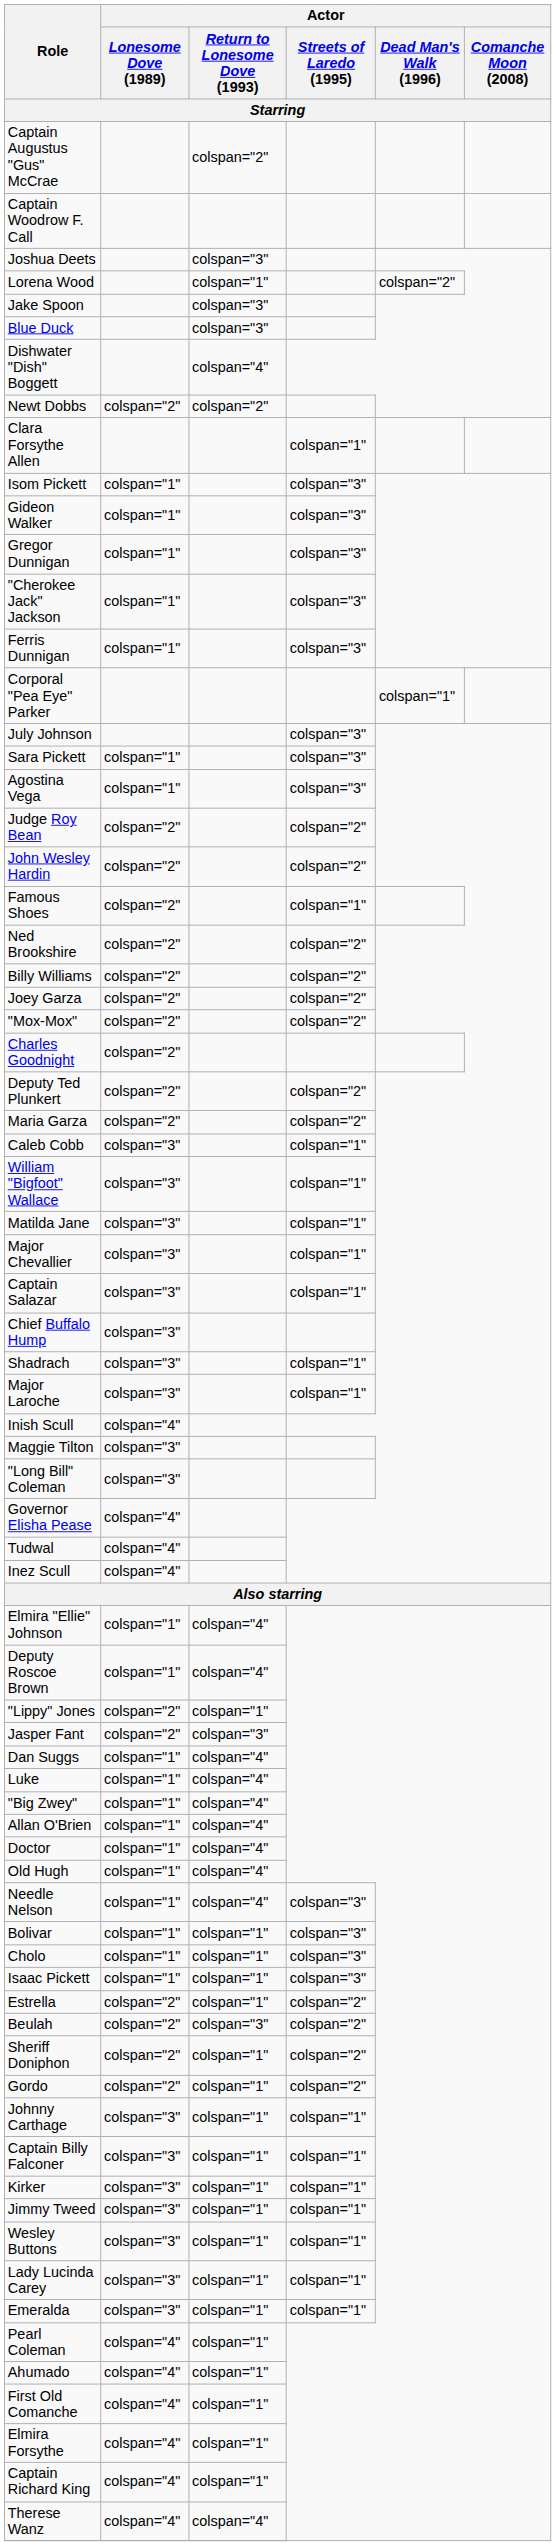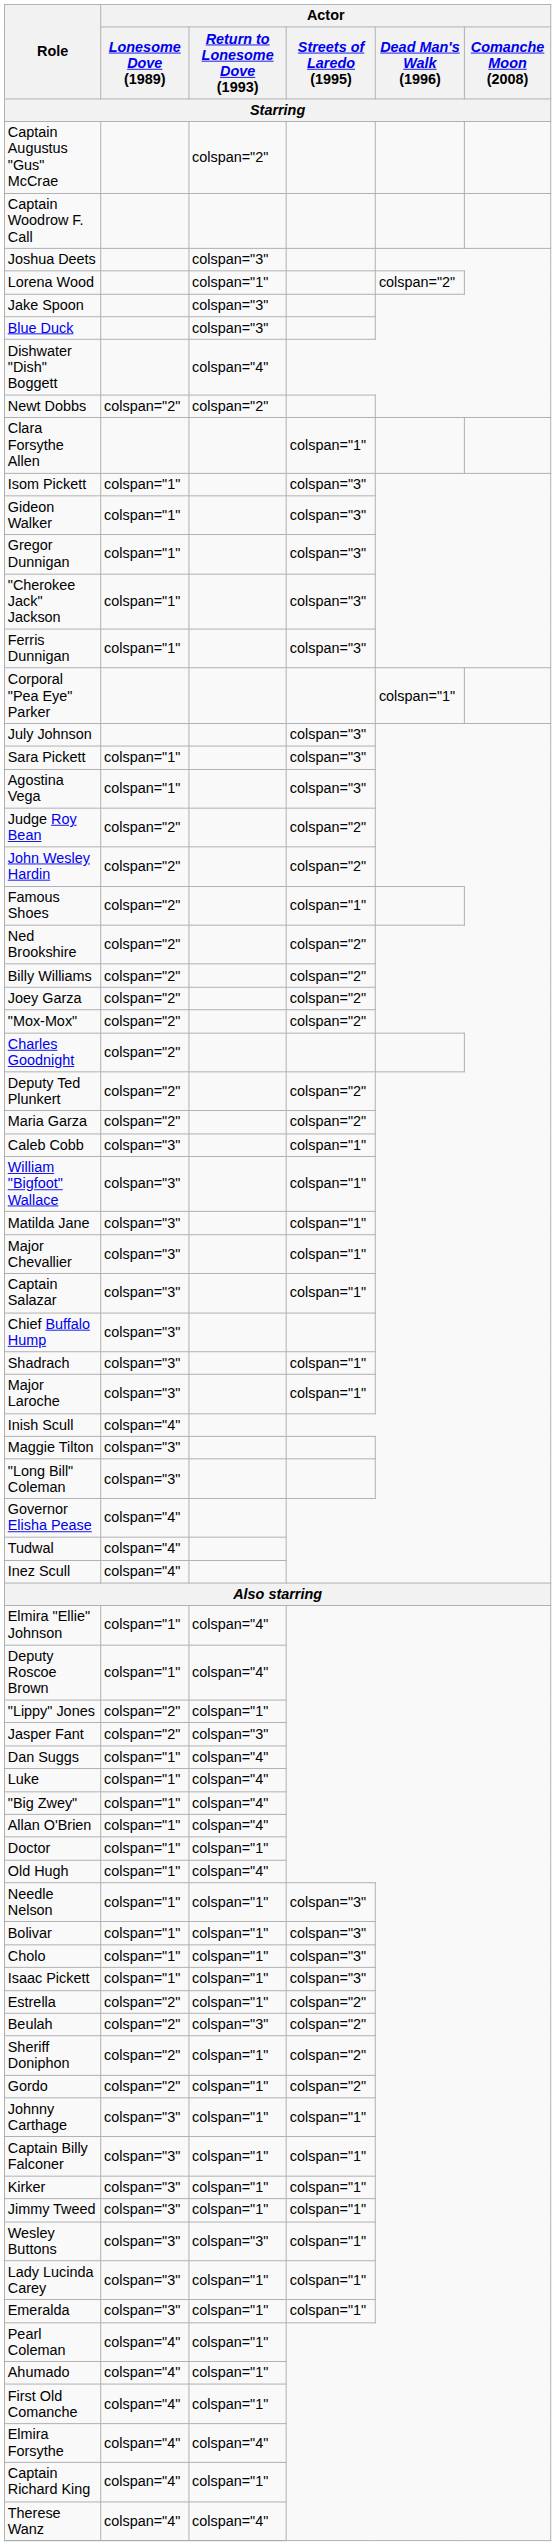 <table class="wikitable">
 <tr>
 <th rowspan="2">Role</th>
 <th colspan="5">Actor</th>
 </tr>
 <tr>
 <th><em><a href='#'>Lonesome Dove</a></em> <br>(1989)</th>
 <th><em><a href='#'>Return to Lonesome Dove</a></em> <br>(1993)</th>
 <th><em><a href='#'>Streets of Laredo</a></em> <br>(1995)</th>
 <th><em><a href='#'>Dead Man's Walk</a></em> <br>(1996)</th>
 <th><em><a href='#'>Comanche Moon</a></em> <br>(2008)</th>
 </tr>
 <tr>
 <th colspan="7"><em>Starring</em></th>
 </tr>
 <tr>
 <td>Captain Augustus "Gus" McCrae</td>
 <td></td>
 <td>colspan="2" </td>
 <td></td>
 <td></td>
 </tr>
 <tr>
 <td>Captain Woodrow F. Call</td>
 <td></td>
 <td></td>
 <td></td>
 <td></td>
 <td></td>
 </tr>
 <tr>
 <td>Joshua Deets</td>
 <td></td>
 <td>colspan="3" </td>
 <td></td>
 </tr>
 <tr>
 <td>Lorena Wood</td>
 <td></td>
 <td>colspan="1" </td>
 <td></td>
 <td>colspan="2" </td>
 </tr>
 <tr>
 <td>Jake Spoon</td>
 <td></td>
 <td>colspan="3" </td>
 <td></td>
 </tr>
 <tr>
 <td><a href='#'>Blue Duck</a></td>
 <td></td>
 <td>colspan="3" </td>
 <td></td>
 </tr>
 <tr>
 <td>Dishwater "Dish" Boggett</td>
 <td></td>
 <td>colspan="4" </td>
 </tr>
 <tr>
 <td>Newt Dobbs</td>
 <td>colspan="2" </td>
 <td>colspan="2" </td>
 <td></td>
 </tr>
 <tr>
 <td>Clara Forsythe Allen</td>
 <td></td>
 <td></td>
 <td>colspan="1" </td>
 <td></td>
 <td></td>
 </tr>
 <tr>
 <td>Isom Pickett</td>
 <td>colspan="1" </td>
 <td></td>
 <td>colspan="3" </td>
 </tr>
 <tr>
 <td>Gideon Walker</td>
 <td>colspan="1" </td>
 <td></td>
 <td>colspan="3" </td>
 </tr>
 <tr>
 <td>Gregor Dunnigan</td>
 <td>colspan="1" </td>
 <td></td>
 <td>colspan="3" </td>
 </tr>
 <tr>
 <td>"Cherokee Jack" Jackson</td>
 <td>colspan="1" </td>
 <td></td>
 <td>colspan="3" </td>
 </tr>
 <tr>
 <td>Ferris Dunnigan</td>
 <td>colspan="1" </td>
 <td></td>
 <td>colspan="3" </td>
 </tr>
 <tr>
 <td>Corporal "Pea Eye" Parker</td>
 <td></td>
 <td></td>
 <td></td>
 <td>colspan="1" </td>
 <td></td>
 </tr>
 <tr>
 <td>July Johnson</td>
 <td></td>
 <td></td>
 <td>colspan="3" </td>
 </tr>
 <tr>
 <td>Sara Pickett</td>
 <td>colspan="1" </td>
 <td></td>
 <td>colspan="3" </td>
 </tr>
 <tr>
 <td>Agostina Vega</td>
 <td>colspan="1" </td>
 <td></td>
 <td>colspan="3" </td>
 </tr>
 <tr>
 <td>Judge <a href='#'>Roy Bean</a></td>
 <td>colspan="2" </td>
 <td></td>
 <td>colspan="2" </td>
 </tr>
 <tr>
 <td><a href='#'>John Wesley Hardin</a></td>
 <td>colspan="2" </td>
 <td></td>
 <td>colspan="2" </td>
 </tr>
 <tr>
 <td>Famous Shoes</td>
 <td>colspan="2" </td>
 <td></td>
 <td>colspan="1" </td>
 <td></td>
 </tr>
 <tr>
 <td>Ned Brookshire</td>
 <td>colspan="2" </td>
 <td></td>
 <td>colspan="2" </td>
 </tr>
 <tr>
 <td>Billy Williams</td>
 <td>colspan="2" </td>
 <td></td>
 <td>colspan="2" </td>
 </tr>
 <tr>
 <td>Joey Garza</td>
 <td>colspan="2" </td>
 <td></td>
 <td>colspan="2" </td>
 </tr>
 <tr>
 <td>"Mox-Mox"</td>
 <td>colspan="2" </td>
 <td></td>
 <td>colspan="2" </td>
 </tr>
 <tr>
 <td><a href='#'>Charles Goodnight</a></td>
 <td>colspan="2" </td>
 <td></td>
 <td></td>
 <td></td>
 </tr>
 <tr>
 <td>Deputy Ted Plunkert</td>
 <td>colspan="2" </td>
 <td></td>
 <td>colspan="2" </td>
 </tr>
 <tr>
 <td>Maria Garza</td>
 <td>colspan="2" </td>
 <td></td>
 <td>colspan="2" </td>
 </tr>
 <tr>
 <td>Caleb Cobb</td>
 <td>colspan="3" </td>
 <td></td>
 <td>colspan="1" </td>
 </tr>
 <tr>
 <td><a href='#'>William "Bigfoot" Wallace</a></td>
 <td>colspan="3" </td>
 <td></td>
 <td>colspan="1" </td>
 </tr>
 <tr>
 <td>Matilda Jane</td>
 <td>colspan="3" </td>
 <td></td>
 <td>colspan="1" </td>
 </tr>
 <tr>
 <td>Major Chevallier</td>
 <td>colspan="3" </td>
 <td></td>
 <td>colspan="1" </td>
 </tr>
 <tr>
 <td>Captain Salazar</td>
 <td>colspan="3" </td>
 <td></td>
 <td>colspan="1" </td>
 </tr>
 <tr>
 <td>Chief <a href='#'>Buffalo Hump</a></td>
 <td>colspan="3" </td>
 <td></td>
 <td></td>
 </tr>
 <tr>
 <td>Shadrach</td>
 <td>colspan="3" </td>
 <td></td>
 <td>colspan="1" </td>
 </tr>
 <tr>
 <td>Major Laroche</td>
 <td>colspan="3" </td>
 <td></td>
 <td>colspan="1" </td>
 </tr>
 <tr>
 <td>Inish Scull</td>
 <td>colspan="4" </td>
 <td></td>
 </tr>
 <tr>
 <td>Maggie Tilton</td>
 <td>colspan="3" </td>
 <td></td>
 <td></td>
 </tr>
 <tr>
 <td>"Long Bill" Coleman</td>
 <td>colspan="3" </td>
 <td></td>
 <td></td>
 </tr>
 <tr>
 <td>Governor <a href='#'>Elisha Pease</a></td>
 <td>colspan="4" </td>
 <td></td>
 </tr>
 <tr>
 <td>Tudwal</td>
 <td>colspan="4" </td>
 <td></td>
 </tr>
 <tr>
 <td>Inez Scull</td>
 <td>colspan="4" </td>
 <td></td>
 </tr>
 <tr>
 <th colspan="7"><em>Also starring</em></th>
 </tr>
 <tr>
 <td>Elmira "Ellie" Johnson</td>
 <td>colspan="1" </td>
 <td>colspan="4" </td>
 </tr>
 <tr>
 <td>Deputy Roscoe Brown</td>
 <td>colspan="1" </td>
 <td>colspan="4" </td>
 </tr>
 <tr>
 <td>"Lippy" Jones</td>
 <td>colspan="2" </td>
 <td>colspan="1" </td>
 </tr>
 <tr>
 <td>Jasper Fant</td>
 <td>colspan="2" </td>
 <td>colspan="3" </td>
 </tr>
 <tr>
 <td>Dan Suggs</td>
 <td>colspan="1" </td>
 <td>colspan="4" </td>
 </tr>
 <tr>
 <td>Luke</td>
 <td>colspan="1" </td>
 <td>colspan="4" </td>
 </tr>
 <tr>
 <td>"Big Zwey"</td>
 <td>colspan="1" </td>
 <td>colspan="4" </td>
 </tr>
 <tr>
 <td>Allan O'Brien</td>
 <td>colspan="1" </td>
 <td>colspan="4" </td>
 </tr>
 <tr>
 <td>Doctor</td>
 <td>colspan="1" </td>
-<td>colspan="4" </td>
+<td>colspan="1" </td>
 </tr>
 <tr>
 <td>Old Hugh</td>
 <td>colspan="1" </td>
 <td>colspan="4" </td>
 </tr>
 <tr>
 <td>Needle Nelson</td>
 <td>colspan="1" </td>
-<td>colspan="4" </td>
+<td>colspan="1" </td>
 <td>colspan="3" </td>
 </tr>
 <tr>
 <td>Bolivar</td>
 <td>colspan="1" </td>
 <td>colspan="1" </td>
 <td>colspan="3" </td>
 </tr>
 <tr>
 <td>Cholo</td>
 <td>colspan="1" </td>
 <td>colspan="1" </td>
 <td>colspan="3" </td>
 </tr>
 <tr>
 <td>Isaac Pickett</td>
 <td>colspan="1" </td>
 <td>colspan="1" </td>
 <td>colspan="3" </td>
 </tr>
 <tr>
 <td>Estrella</td>
 <td>colspan="2" </td>
 <td>colspan="1" </td>
 <td>colspan="2" </td>
 </tr>
 <tr>
 <td>Beulah</td>
 <td>colspan="2" </td>
 <td>colspan="3" </td>
 <td>colspan="2" </td>
 </tr>
 <tr>
 <td>Sheriff Doniphon</td>
 <td>colspan="2" </td>
 <td>colspan="1" </td>
 <td>colspan="2" </td>
 </tr>
 <tr>
 <td>Gordo</td>
 <td>colspan="2" </td>
 <td>colspan="1" </td>
 <td>colspan="2" </td>
 </tr>
 <tr>
 <td>Johnny Carthage</td>
 <td>colspan="3" </td>
 <td>colspan="1" </td>
 <td>colspan="1" </td>
 </tr>
 <tr>
 <td>Captain Billy Falconer</td>
 <td>colspan="3" </td>
 <td>colspan="1" </td>
 <td>colspan="1" </td>
 </tr>
 <tr>
 <td>Kirker</td>
 <td>colspan="3" </td>
 <td>colspan="1" </td>
 <td>colspan="1" </td>
 </tr>
 <tr>
 <td>Jimmy Tweed</td>
 <td>colspan="3" </td>
 <td>colspan="1" </td>
 <td>colspan="1" </td>
 </tr>
 <tr>
 <td>Wesley Buttons</td>
 <td>colspan="3" </td>
-<td>colspan="1" </td>
+<td>colspan="3" </td>
 <td>colspan="1" </td>
 </tr>
 <tr>
 <td>Lady Lucinda Carey</td>
 <td>colspan="3" </td>
 <td>colspan="1" </td>
 <td>colspan="1" </td>
 </tr>
 <tr>
 <td>Emeralda</td>
 <td>colspan="3" </td>
 <td>colspan="1" </td>
 <td>colspan="1" </td>
 </tr>
 <tr>
 <td>Pearl Coleman</td>
 <td>colspan="4" </td>
 <td>colspan="1" </td>
 </tr>
 <tr>
 <td>Ahumado</td>
 <td>colspan="4" </td>
 <td>colspan="1" </td>
 </tr>
 <tr>
 <td>First Old Comanche</td>
 <td>colspan="4" </td>
 <td>colspan="1" </td>
 </tr>
 <tr>
 <td>Elmira Forsythe</td>
 <td>colspan="4" </td>
-<td>colspan="1" </td>
+<td>colspan="4" </td>
 </tr>
 <tr>
 <td>Captain Richard King</td>
 <td>colspan="4" </td>
 <td>colspan="1" </td>
 </tr>
 <tr>
 <td>Therese Wanz</td>
 <td>colspan="4" </td>
 <td>colspan="4" </td>
 </tr>
 <tr>
 </tr>
 </table>
